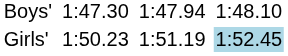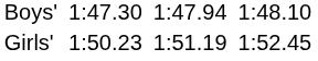 <table>
 <tr>
 <td>Boys'<br></td>
 <td></td>
 <td>1:47.30</td>
 <td></td>
 <td>1:47.94</td>
 <td></td>
 <td>1:48.10</td>
 </tr>
 <tr>
 <td>Girls'<br></td>
 <td></td>
 <td>1:50.23</td>
 <td></td>
 <td>1:51.19</td>
 <td></td>
-<td style="background: lightblue;">1:52.45</td>
+<td>1:52.45</td>
 </tr>
 </table>
